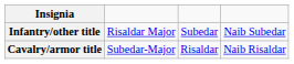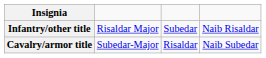 <table class="wikitable" style="text-align: center">
 <tr>
 <th scope="row">Insignia</th>
 <td></td>
 <td></td>
 <td></td>
 </tr>
 <tr>
 <th scope="row">Infantry/other title</th>
 <td><a href='#'>Risaldar Major</a></td>
 <td><a href='#'>Subedar</a></td>
-<td><a href='#'>Naib Subedar</a></td>
+<td><a href='#'>Naib Risaldar</a></td>
 </tr>
 <tr>
 <th scope="row">Cavalry/armor title</th>
 <td><a href='#'>Subedar-Major</a></td>
 <td><a href='#'>Risaldar</a></td>
-<td><a href='#'>Naib Risaldar</a></td>
+<td><a href='#'>Naib Subedar</a></td>
 </tr>
 </table>
